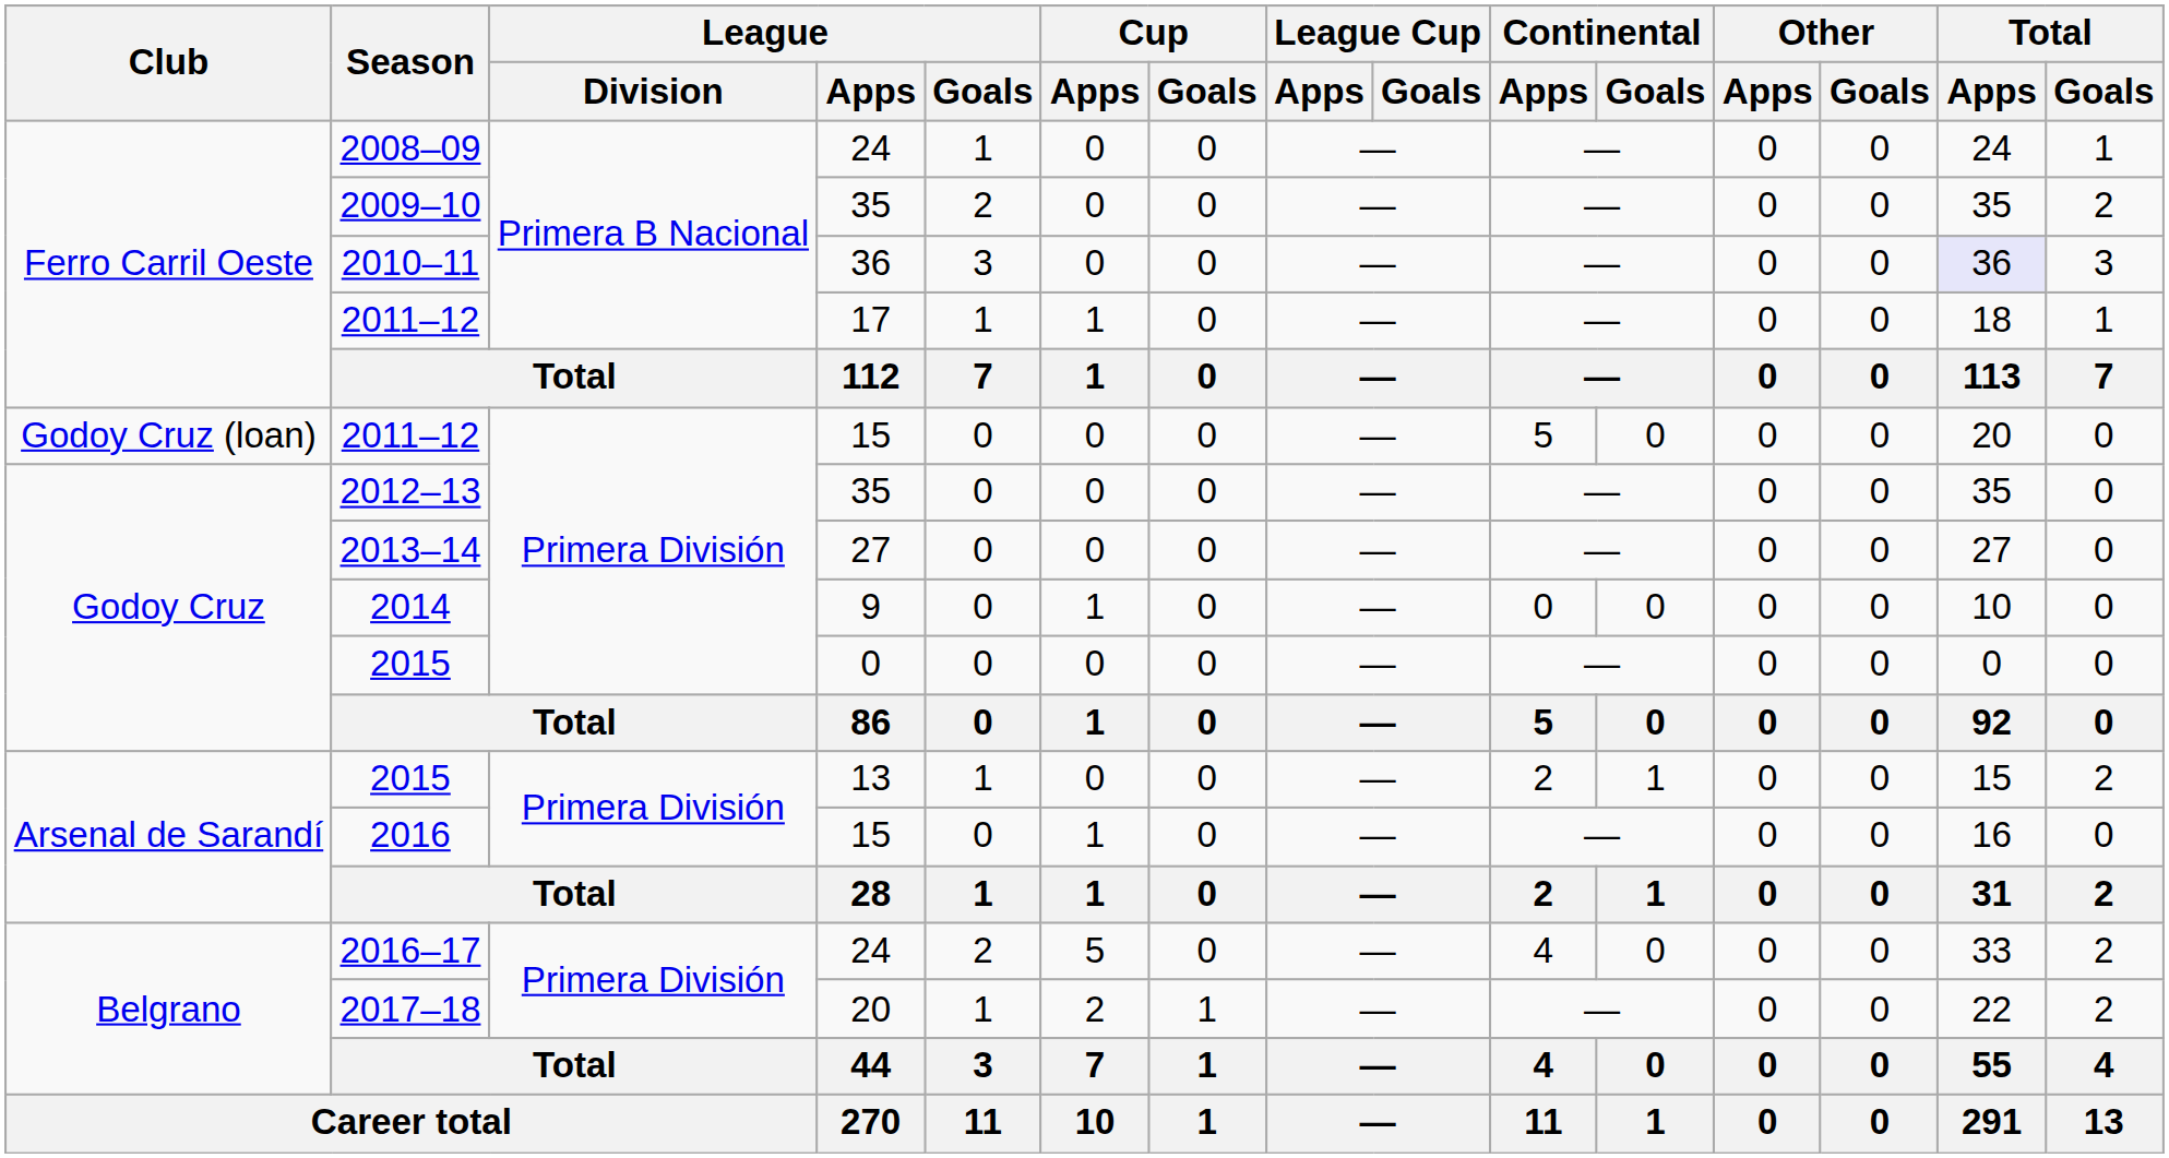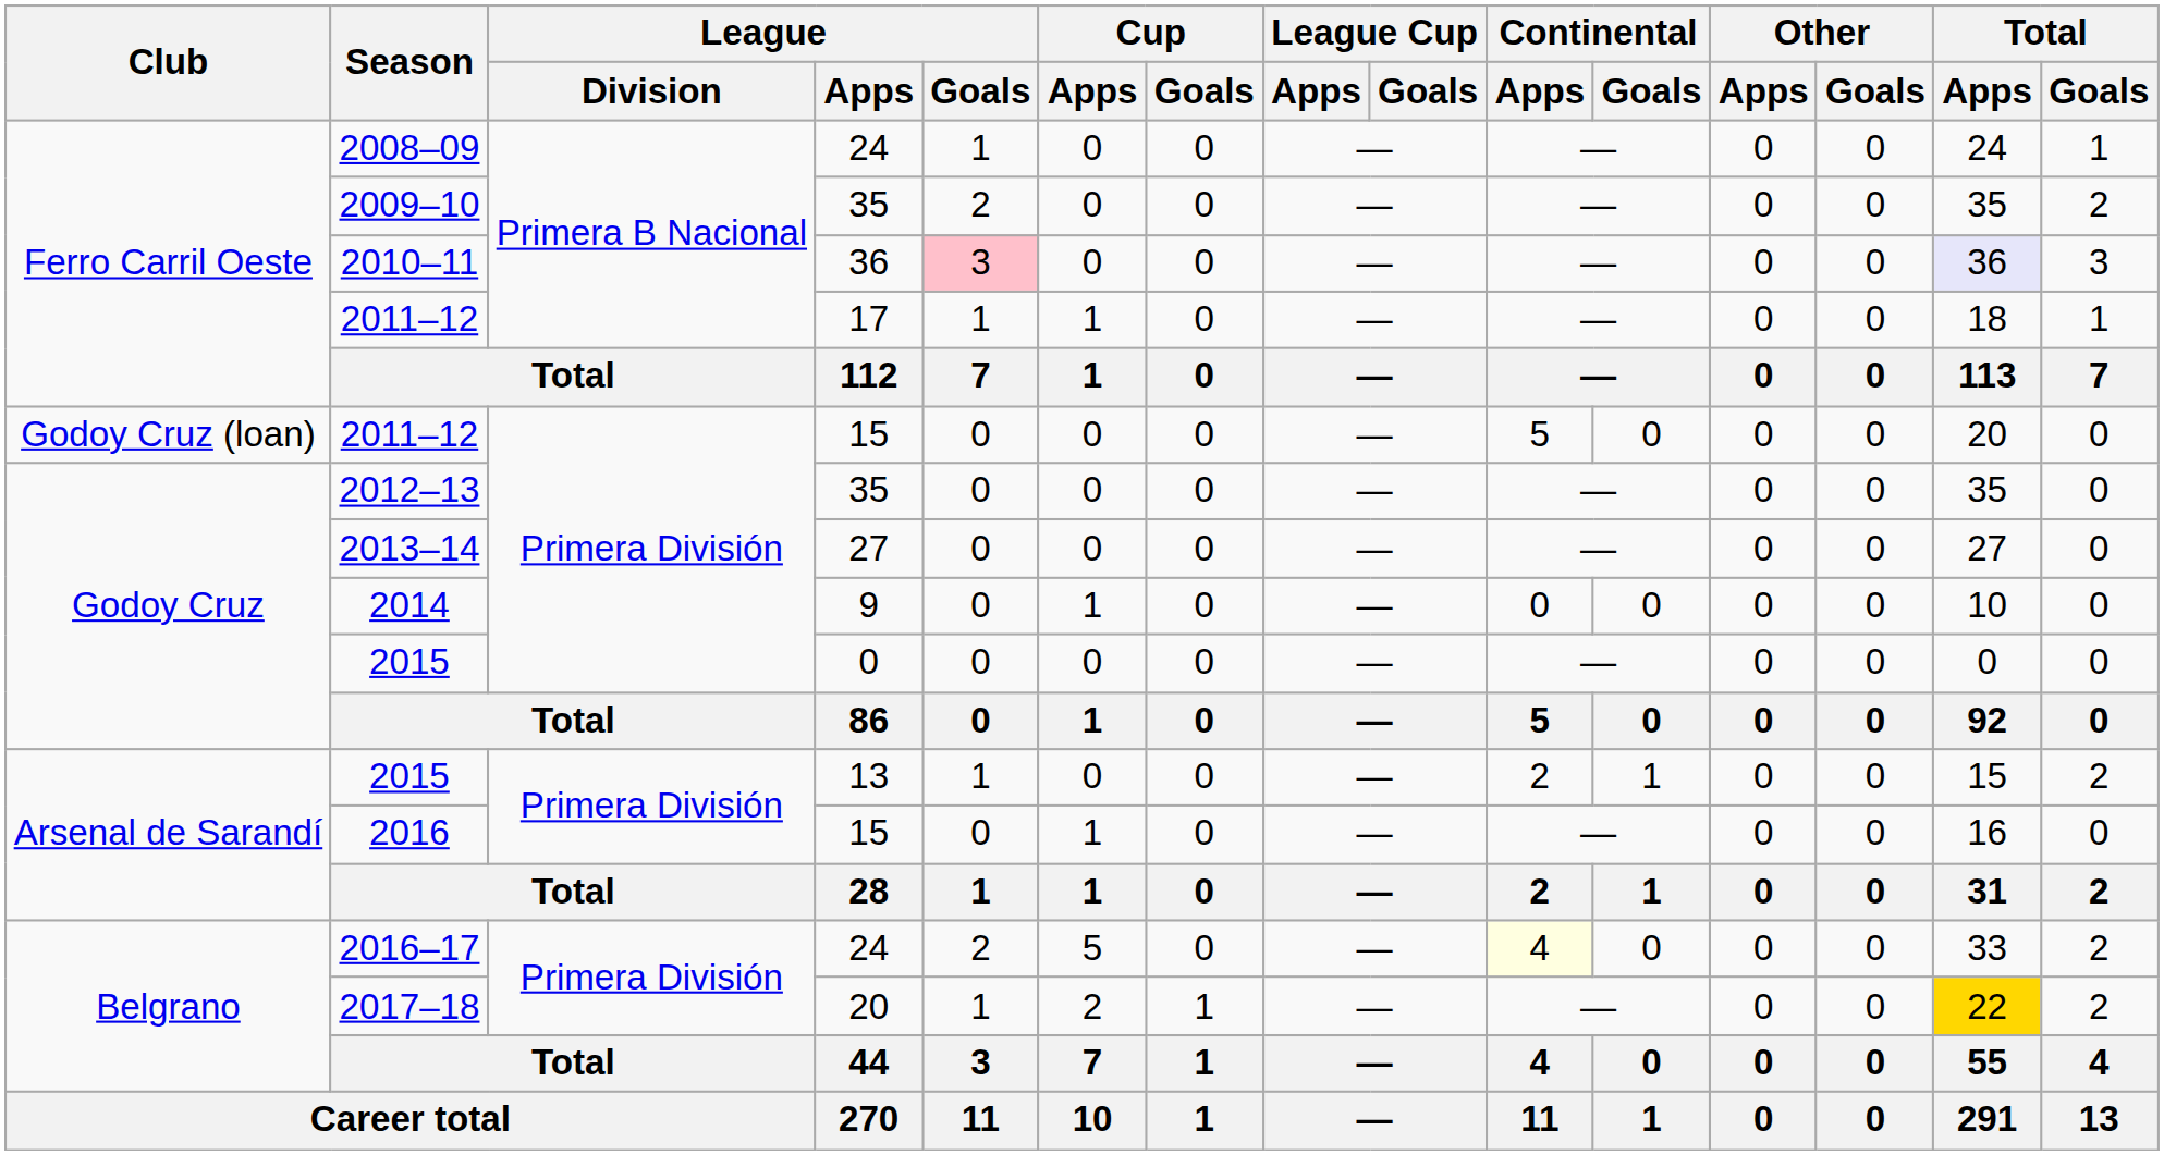 <table class="wikitable" style="text-align:center">
 <tr>
 <th rowspan="2">Club</th>
 <th rowspan="2">Season</th>
 <th colspan="3">League</th>
 <th colspan="2">Cup</th>
 <th colspan="2">League Cup</th>
 <th colspan="2">Continental</th>
 <th colspan="2">Other</th>
 <th colspan="2">Total</th>
 </tr>
 <tr>
 <th>Division</th>
 <th>Apps</th>
 <th>Goals</th>
 <th>Apps</th>
 <th>Goals</th>
 <th>Apps</th>
 <th>Goals</th>
 <th>Apps</th>
 <th>Goals</th>
 <th>Apps</th>
 <th>Goals</th>
 <th>Apps</th>
 <th>Goals</th>
 </tr>
 <tr>
 <td rowspan="5"><a href='#'>Ferro Carril Oeste</a></td>
 <td><a href='#'>2008–09</a></td>
 <td rowspan="4"><a href='#'>Primera B Nacional</a></td>
 <td>24</td>
 <td>1</td>
 <td>0</td>
 <td>0</td>
 <td colspan="2">—</td>
 <td colspan="2">—</td>
 <td>0</td>
 <td>0</td>
 <td>24</td>
 <td>1</td>
 </tr>
 <tr>
 <td><a href='#'>2009–10</a></td>
 <td>35</td>
 <td>2</td>
 <td>0</td>
 <td>0</td>
 <td colspan="2">—</td>
 <td colspan="2">—</td>
 <td>0</td>
 <td>0</td>
 <td>35</td>
 <td>2</td>
 </tr>
 <tr>
 <td><a href='#'>2010–11</a></td>
 <td>36</td>
-<td>3</td>
+<td style="background: pink;">3</td>
 <td>0</td>
 <td>0</td>
 <td colspan="2">—</td>
 <td colspan="2">—</td>
 <td>0</td>
 <td>0</td>
 <td style="background: lavender;">36</td>
 <td>3</td>
 </tr>
 <tr>
 <td><a href='#'>2011–12</a></td>
 <td>17</td>
 <td>1</td>
 <td>1</td>
 <td>0</td>
 <td colspan="2">—</td>
 <td colspan="2">—</td>
 <td>0</td>
 <td>0</td>
 <td>18</td>
 <td>1</td>
 </tr>
 <tr>
 <th colspan="2">Total</th>
 <th>112</th>
 <th>7</th>
 <th>1</th>
 <th>0</th>
 <th colspan="2">—</th>
 <th colspan="2">—</th>
 <th>0</th>
 <th>0</th>
 <th>113</th>
 <th>7</th>
 </tr>
 <tr>
 <td rowspan="1"><a href='#'>Godoy Cruz</a> (loan)</td>
 <td><a href='#'>2011–12</a></td>
 <td rowspan="5"><a href='#'>Primera División</a></td>
 <td>15</td>
 <td>0</td>
 <td>0</td>
 <td>0</td>
 <td colspan="2">—</td>
 <td>5</td>
 <td>0</td>
 <td>0</td>
 <td>0</td>
 <td>20</td>
 <td>0</td>
 </tr>
 <tr>
 <td rowspan="5"><a href='#'>Godoy Cruz</a></td>
 <td><a href='#'>2012–13</a></td>
 <td>35</td>
 <td>0</td>
 <td>0</td>
 <td>0</td>
 <td colspan="2">—</td>
 <td colspan="2">—</td>
 <td>0</td>
 <td>0</td>
 <td>35</td>
 <td>0</td>
 </tr>
 <tr>
 <td><a href='#'>2013–14</a></td>
 <td>27</td>
 <td>0</td>
 <td>0</td>
 <td>0</td>
 <td colspan="2">—</td>
 <td colspan="2">—</td>
 <td>0</td>
 <td>0</td>
 <td>27</td>
 <td>0</td>
 </tr>
 <tr>
 <td><a href='#'>2014</a></td>
 <td>9</td>
 <td>0</td>
 <td>1</td>
 <td>0</td>
 <td colspan="2">—</td>
 <td>0</td>
 <td>0</td>
 <td>0</td>
 <td>0</td>
 <td>10</td>
 <td>0</td>
 </tr>
 <tr>
 <td><a href='#'>2015</a></td>
 <td>0</td>
 <td>0</td>
 <td>0</td>
 <td>0</td>
 <td colspan="2">—</td>
 <td colspan="2">—</td>
 <td>0</td>
 <td>0</td>
 <td>0</td>
 <td>0</td>
 </tr>
 <tr>
 <th colspan="2">Total</th>
 <th>86</th>
 <th>0</th>
 <th>1</th>
 <th>0</th>
 <th colspan="2">—</th>
 <th>5</th>
 <th>0</th>
 <th>0</th>
 <th>0</th>
 <th>92</th>
 <th>0</th>
 </tr>
 <tr>
 <td rowspan="3"><a href='#'>Arsenal de Sarandí</a></td>
 <td><a href='#'>2015</a></td>
 <td rowspan="2"><a href='#'>Primera División</a></td>
 <td>13</td>
 <td>1</td>
 <td>0</td>
 <td>0</td>
 <td colspan="2">—</td>
 <td>2</td>
 <td>1</td>
 <td>0</td>
 <td>0</td>
 <td>15</td>
 <td>2</td>
 </tr>
 <tr>
 <td><a href='#'>2016</a></td>
 <td>15</td>
 <td>0</td>
 <td>1</td>
 <td>0</td>
 <td colspan="2">—</td>
 <td colspan="2">—</td>
 <td>0</td>
 <td>0</td>
 <td>16</td>
 <td>0</td>
 </tr>
 <tr>
 <th colspan="2">Total</th>
 <th>28</th>
 <th>1</th>
 <th>1</th>
 <th>0</th>
 <th colspan="2">—</th>
 <th>2</th>
 <th>1</th>
 <th>0</th>
 <th>0</th>
 <th>31</th>
 <th>2</th>
 </tr>
 <tr>
 <td rowspan="3"><a href='#'>Belgrano</a></td>
 <td><a href='#'>2016–17</a></td>
 <td rowspan="2"><a href='#'>Primera División</a></td>
 <td>24</td>
 <td>2</td>
 <td>5</td>
 <td>0</td>
 <td colspan="2">—</td>
-<td>4</td>
+<td style="background: lightyellow;">4</td>
 <td>0</td>
 <td>0</td>
 <td>0</td>
 <td>33</td>
 <td>2</td>
 </tr>
 <tr>
 <td><a href='#'>2017–18</a></td>
 <td>20</td>
 <td>1</td>
 <td>2</td>
 <td>1</td>
 <td colspan="2">—</td>
 <td colspan="2">—</td>
 <td>0</td>
 <td>0</td>
-<td>22</td>
+<td style="background: gold;">22</td>
 <td>2</td>
 </tr>
 <tr>
 <th colspan="2">Total</th>
 <th>44</th>
 <th>3</th>
 <th>7</th>
 <th>1</th>
 <th colspan="2">—</th>
 <th>4</th>
 <th>0</th>
 <th>0</th>
 <th>0</th>
 <th>55</th>
 <th>4</th>
 </tr>
 <tr>
 <th colspan="3">Career total</th>
 <th>270</th>
 <th>11</th>
 <th>10</th>
 <th>1</th>
 <th colspan="2">—</th>
 <th>11</th>
 <th>1</th>
 <th>0</th>
 <th>0</th>
 <th>291</th>
 <th>13</th>
 </tr>
 </table>
